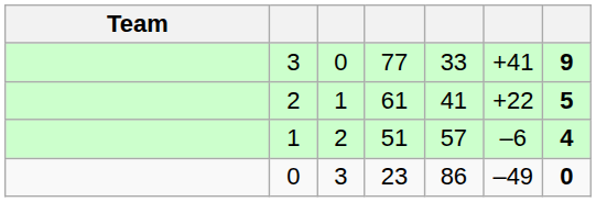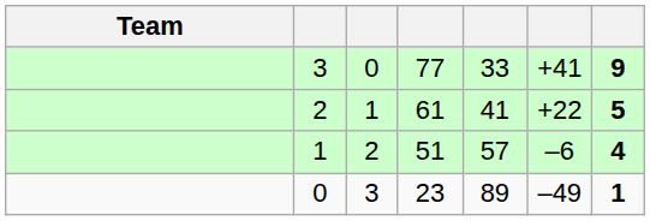 <table class="wikitable" style="text-align:center;">
 <tr>
 <th style="width:10.5em;">Team</th>
 <th style="width:1.5em;"></th>
 <th style="width:1.5em;"></th>
 <th style="width:2.0em;"></th>
 <th style="width:2.0em;"></th>
 <th style="width:2.0em;"></th>
 <th style="width:1.5em;"></th>
 </tr>
 <tr bgcolor=#cfc>
 <td align="left"></td>
 <td>3</td>
 <td>0</td>
 <td>77</td>
 <td>33</td>
 <td>+41</td>
 <td><strong>9</strong></td>
 </tr>
 <tr bgcolor=#cfc>
 <td align="left"></td>
 <td>2</td>
 <td>1</td>
 <td>61</td>
 <td>41</td>
 <td>+22</td>
 <td><strong>5</strong></td>
 </tr>
 <tr bgcolor=#cfc>
 <td align="left"></td>
 <td>1</td>
 <td>2</td>
 <td>51</td>
 <td>57</td>
 <td>–6</td>
 <td><strong>4</strong></td>
 </tr>
 <tr>
 <td align="left"></td>
 <td>0</td>
 <td>3</td>
 <td>23</td>
-<td>86</td>
+<td>89</td>
 <td>–49</td>
-<td><strong>0</strong></td>
+<td><strong>1</strong></td>
 </tr>
 </table>
